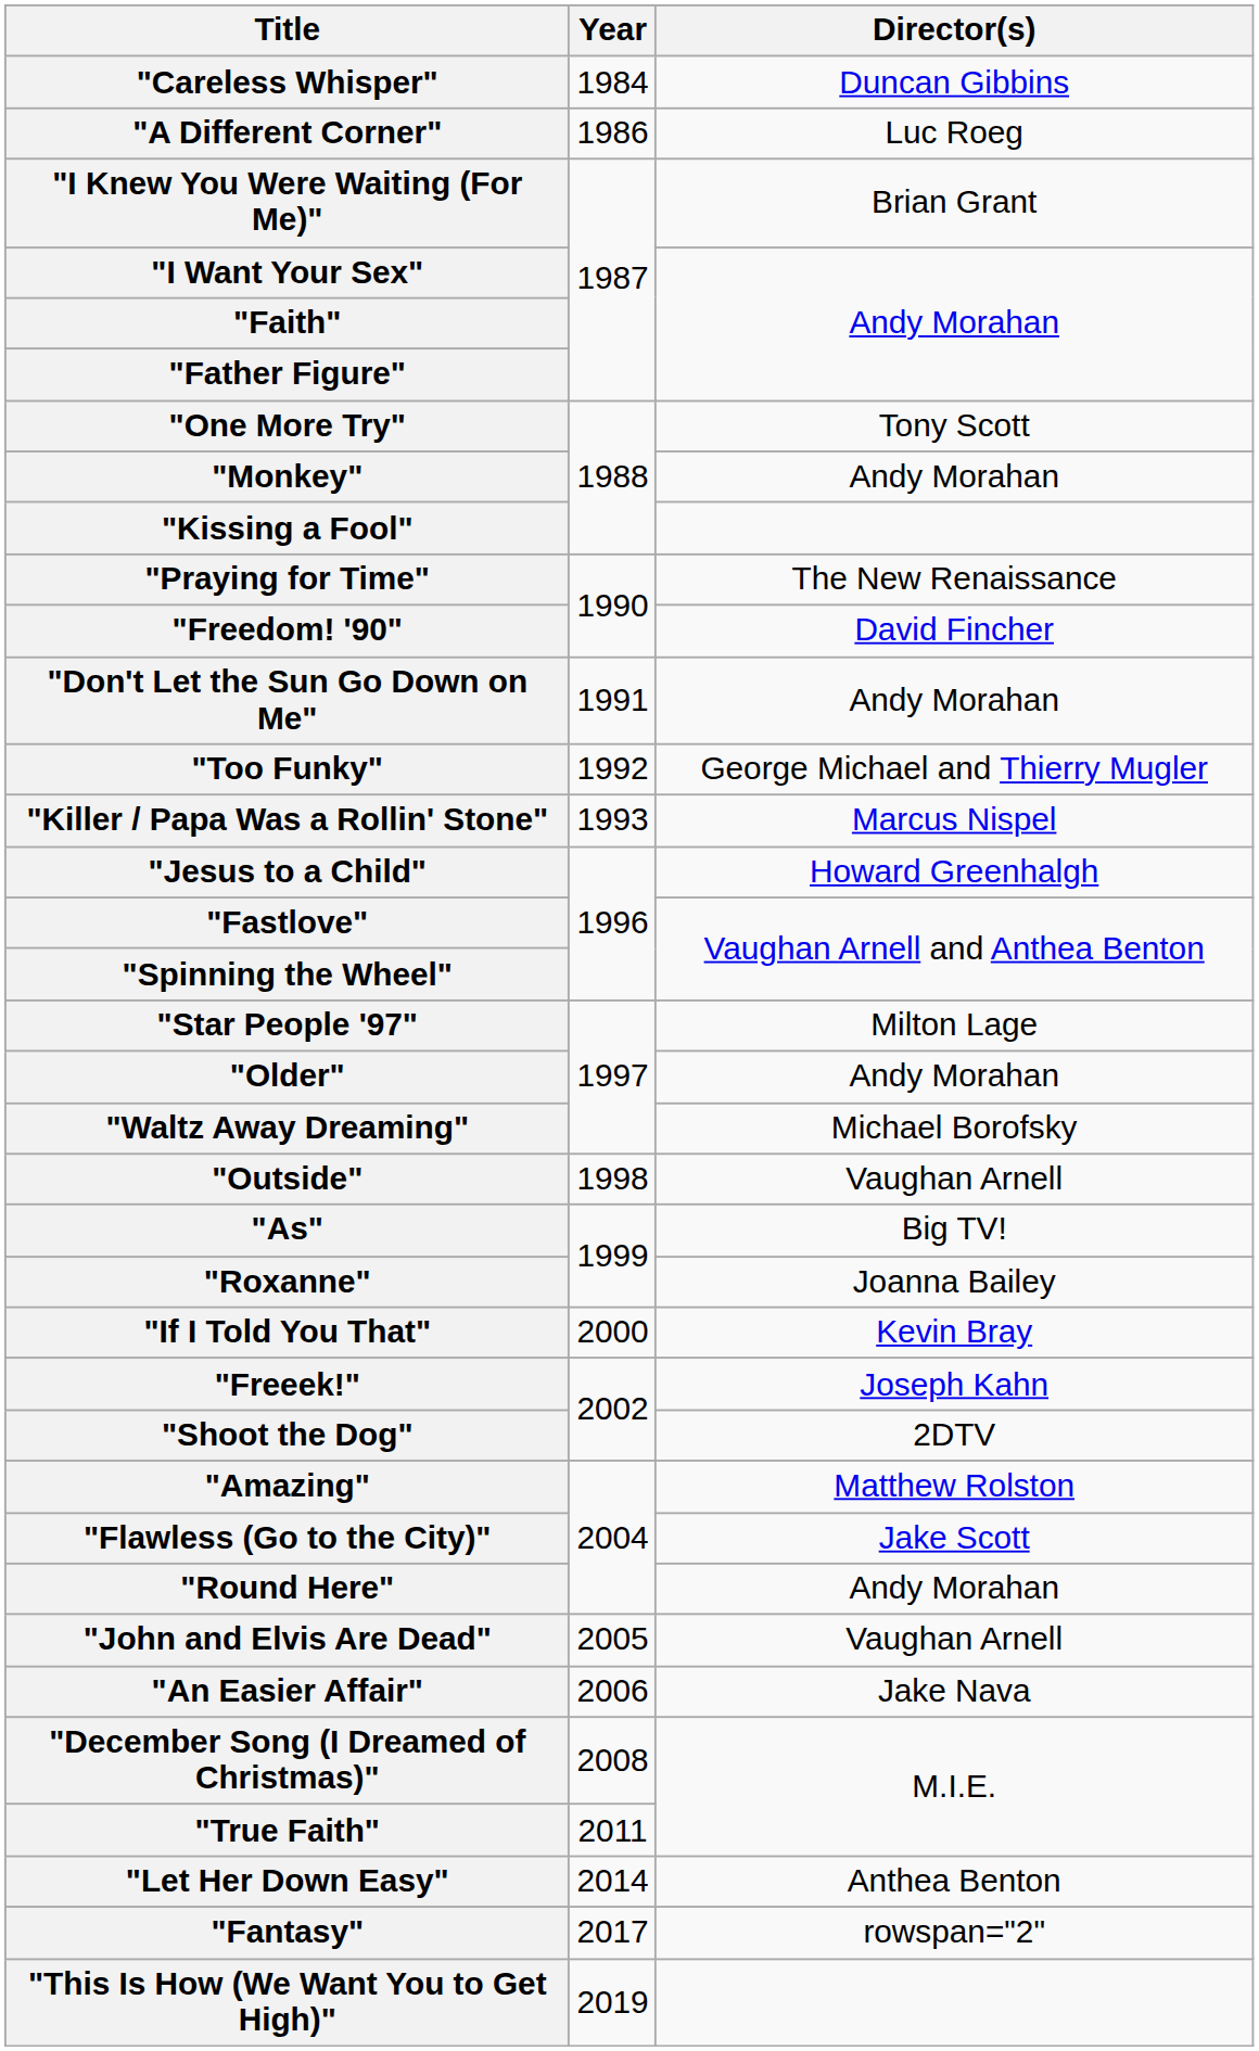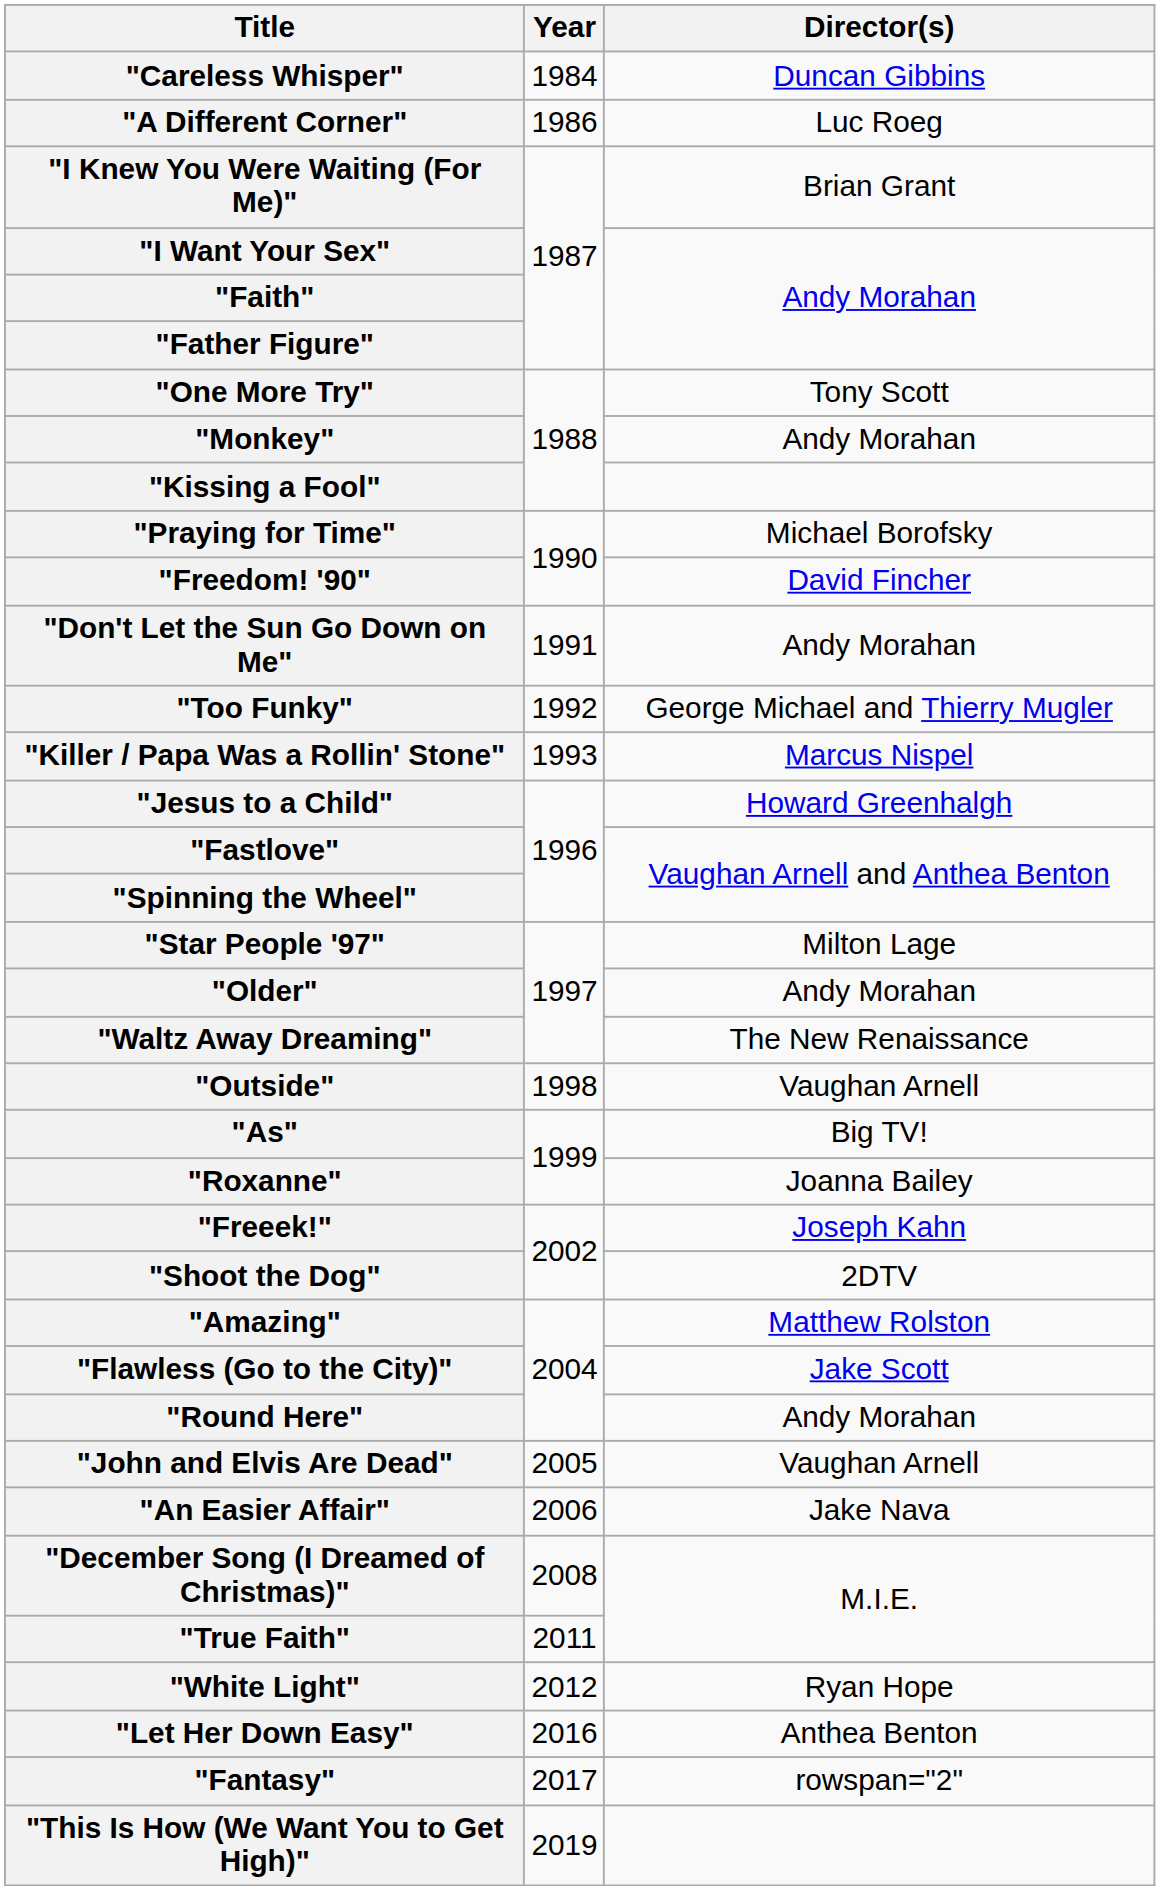 <table class="wikitable plainrowheaders" style="text-align:center;">
 <tr>
 <th scope="col" style="width:17em;">Title</th>
 <th scope="col">Year</th>
 <th scope="col" style="width:18em;">Director(s)</th>
 </tr>
 <tr>
 <th scope="row">"Careless Whisper"</th>
 <td>1984</td>
 <td><a href='#'>Duncan Gibbins</a></td>
 </tr>
 <tr>
 <th scope="row">"A Different Corner"</th>
 <td>1986</td>
 <td>Luc Roeg</td>
 </tr>
 <tr>
 <th scope="row">"I Knew You Were Waiting (For Me)"<br></th>
 <td rowspan="4">1987</td>
 <td>Brian Grant</td>
 </tr>
 <tr>
 <th scope="row">"I Want Your Sex"</th>
 <td rowspan="3"><a href='#'>Andy Morahan</a></td>
 </tr>
 <tr>
 <th scope="row">"Faith"</th>
 </tr>
 <tr>
 <th scope="row">"Father Figure"</th>
 </tr>
 <tr>
 <th scope="row">"One More Try"</th>
 <td rowspan="3">1988</td>
 <td>Tony Scott</td>
 </tr>
 <tr>
 <th scope="row">"Monkey"</th>
 <td>Andy Morahan</td>
 </tr>
 <tr>
 <th scope="row">"Kissing a Fool"</th>
 <td></td>
 </tr>
 <tr>
 <th scope="row">"Praying for Time"</th>
 <td rowspan="2">1990</td>
-<td>The New Renaissance</td>
+<td>Michael Borofsky</td>
 </tr>
 <tr>
 <th scope="row">"Freedom! '90"</th>
 <td><a href='#'>David Fincher</a></td>
 </tr>
 <tr>
 <th scope="row">"Don't Let the Sun Go Down on Me"<br></th>
 <td>1991</td>
 <td>Andy Morahan</td>
 </tr>
 <tr>
 <th scope="row">"Too Funky"</th>
 <td>1992</td>
 <td>George Michael and <a href='#'>Thierry Mugler</a></td>
 </tr>
 <tr>
 <th scope="row">"Killer / Papa Was a Rollin' Stone"</th>
 <td>1993</td>
 <td><a href='#'>Marcus Nispel</a></td>
 </tr>
 <tr>
 <th scope="row">"Jesus to a Child"</th>
 <td rowspan="3">1996</td>
 <td><a href='#'>Howard Greenhalgh</a></td>
 </tr>
 <tr>
 <th scope="row">"Fastlove"</th>
 <td rowspan="2"><a href='#'>Vaughan Arnell</a> and <a href='#'>Anthea Benton</a></td>
 </tr>
 <tr>
 <th scope="row">"Spinning the Wheel"</th>
 </tr>
 <tr>
 <th scope="row">"Star People '97"</th>
 <td rowspan="3">1997</td>
 <td>Milton Lage</td>
 </tr>
 <tr>
 <th scope="row">"Older"</th>
 <td>Andy Morahan</td>
 </tr>
 <tr>
 <th scope="row">"Waltz Away Dreaming"<br></th>
-<td>Michael Borofsky</td>
+<td>The New Renaissance</td>
 </tr>
 <tr>
 <th scope="row">"Outside"</th>
 <td>1998</td>
 <td>Vaughan Arnell</td>
 </tr>
 <tr>
 <th scope="row">"As"<br></th>
 <td rowspan="2">1999</td>
 <td>Big TV!</td>
 </tr>
 <tr>
 <th scope="row">"Roxanne"</th>
 <td>Joanna Bailey</td>
-</tr>
-<tr>
-<th scope="row">"If I Told You That"<br></th>
-<td>2000</td>
-<td><a href='#'>Kevin Bray</a></td>
 </tr>
 <tr>
 <th scope="row">"Freeek!"</th>
 <td rowspan="2">2002</td>
 <td><a href='#'>Joseph Kahn</a></td>
 </tr>
 <tr>
 <th scope="row">"Shoot the Dog"</th>
 <td>2DTV</td>
 </tr>
 <tr>
 <th scope="row">"Amazing"</th>
 <td rowspan="3">2004</td>
 <td><a href='#'>Matthew Rolston</a></td>
 </tr>
 <tr>
 <th scope="row">"Flawless (Go to the City)"</th>
 <td><a href='#'>Jake Scott</a></td>
 </tr>
 <tr>
 <th scope="row">"Round Here"</th>
 <td>Andy Morahan</td>
 </tr>
 <tr>
 <th scope="row">"John and Elvis Are Dead"</th>
 <td>2005</td>
 <td>Vaughan Arnell</td>
 </tr>
 <tr>
 <th scope="row">"An Easier Affair"</th>
 <td>2006</td>
 <td>Jake Nava</td>
 </tr>
 <tr>
 <th scope="row">"December Song (I Dreamed of Christmas)"</th>
 <td>2008</td>
 <td rowspan="2">M.I.E.</td>
 </tr>
 <tr>
 <th scope="row">"True Faith"</th>
 <td>2011</td>
 </tr>
 <tr>
+<th scope="row">"White Light"</th>
+<td>2012</td>
+<td>Ryan Hope</td>
+</tr>
+<tr>
 <th scope="row">"Let Her Down Easy"</th>
-<td>2014</td>
+<td>2016</td>
 <td>Anthea Benton</td>
 </tr>
 <tr>
 <th scope="row">"Fantasy"<br></th>
 <td>2017</td>
 <td>rowspan="2" </td>
 </tr>
 <tr>
 <th scope="row">"This Is How (We Want You to Get High)"</th>
 <td>2019</td>
 </tr>
 </table>
